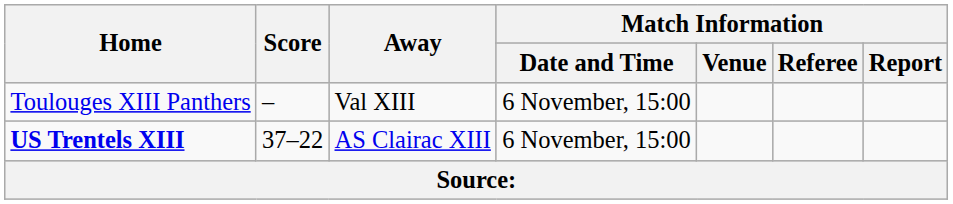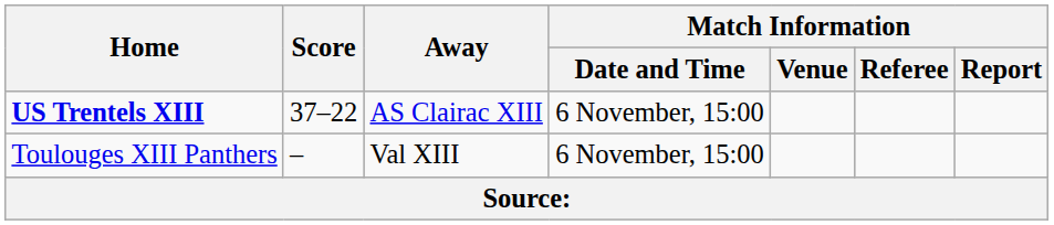 <table class="wikitable defaultcenter col1left col3left">
 <tr>
 <th scope="col" rowspan=2>Home</th>
 <th scope="col" rowspan=2>Score</th>
 <th scope="col" rowspan=2>Away</th>
 <th scope="col" colspan=4>Match Information</th>
 </tr>
 <tr>
 <th scope="col">Date and Time</th>
 <th scope="col">Venue</th>
 <th scope="col">Referee</th>
 <th scope="col">Report</th>
 </tr>
 <tr>
+<td><strong><a href='#'>US Trentels XIII</a></strong></td>
+<td>37–22</td>
+<td><a href='#'>AS Clairac XIII</a></td>
+<td>6 November, 15:00</td>
+<td></td>
+<td></td>
+<td></td>
+</tr>
+<tr>
 <td><a href='#'>Toulouges XIII Panthers</a></td>
 <td>–</td>
 <td>Val XIII</td>
 <td>6 November, 15:00</td>
 <td></td>
 <td></td>
 <td></td>
 </tr>
 <tr>
-<td><strong><a href='#'>US Trentels XIII</a></strong></td>
-<td>37–22</td>
-<td><a href='#'>AS Clairac XIII</a></td>
-<td>6 November, 15:00</td>
-<td></td>
-<td></td>
-<td></td>
-</tr>
-<tr>
 <th colspan=7>Source:</th>
 </tr>
 </table>
